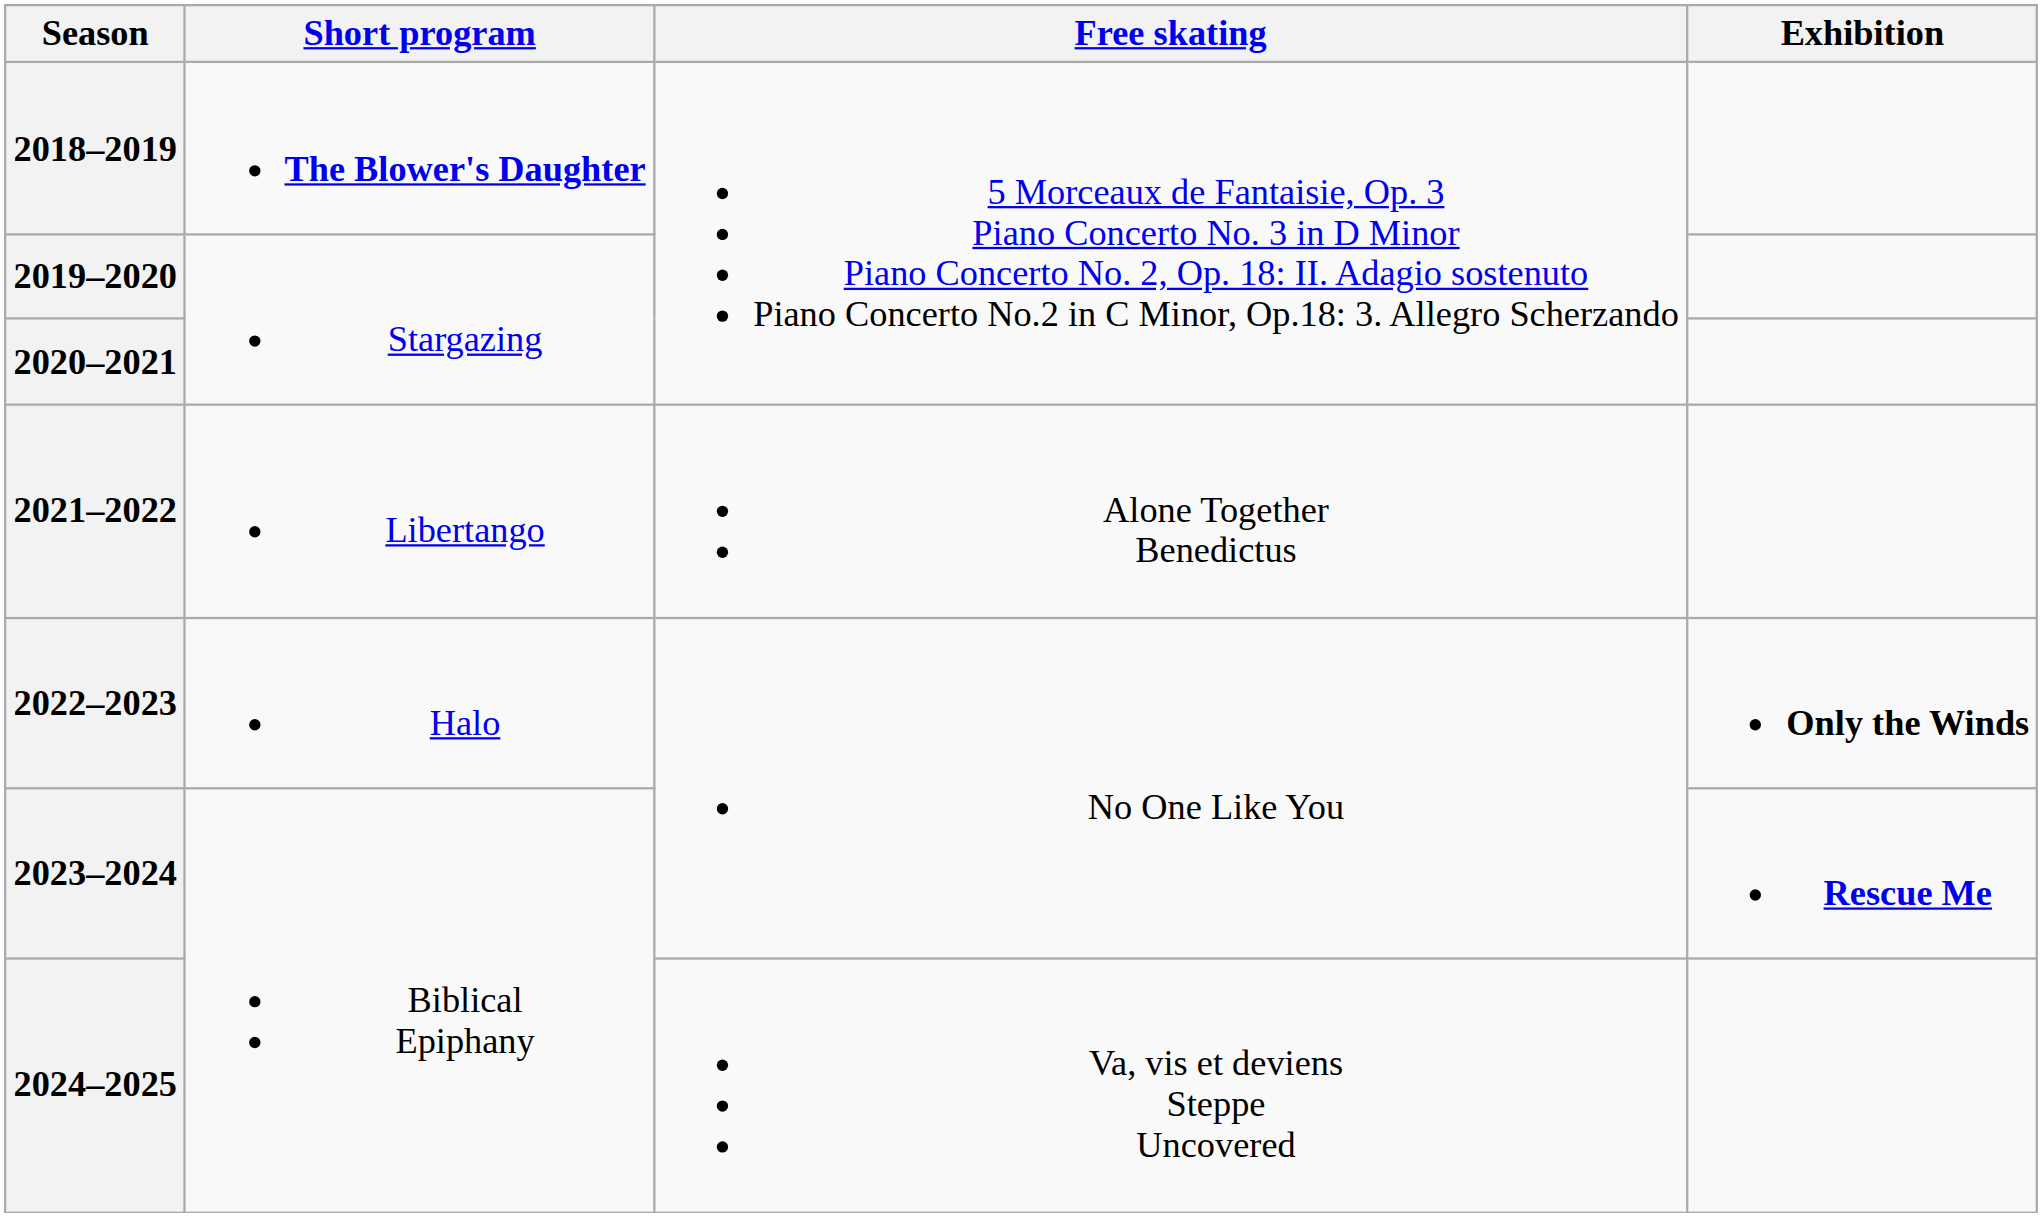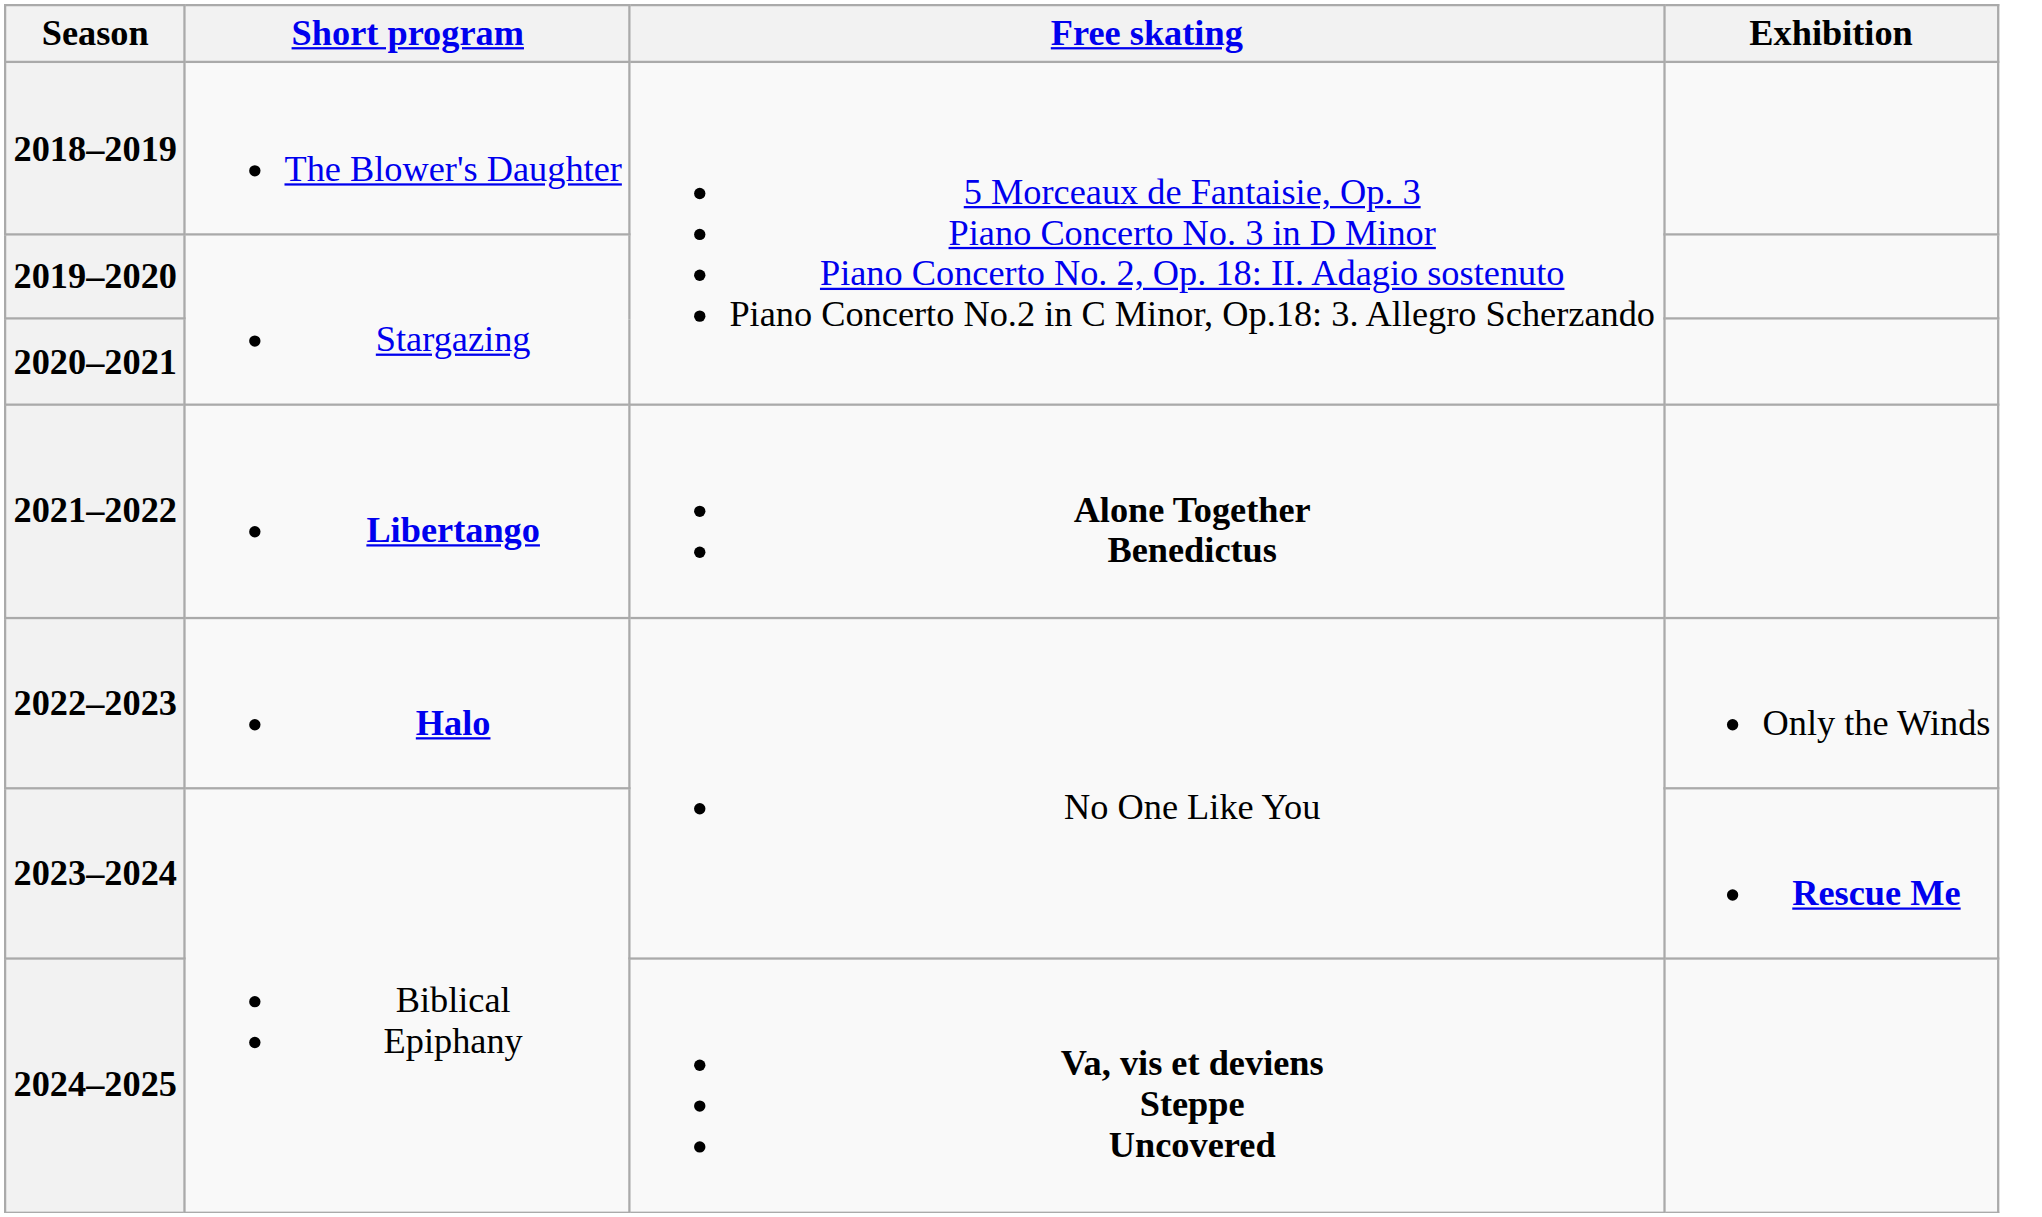 <table class=wikitable style=text-align:center>
 <tr>
 <th>Season</th>
 <th><a href='#'>Short program</a></th>
 <th><a href='#'>Free skating</a></th>
 <th>Exhibition</th>
 </tr>
 <tr>
 <th>2018–2019 <br> </th>
-<td><strong><br><ul><li><a href='#'>The Blower's Daughter</a> <br> </li></ul></strong></td>
+<td><br><ul><li><a href='#'>The Blower's Daughter</a> <br> </li></ul></td>
 <td rowspan=3><br><ul><li><a href='#'>5 Morceaux de Fantaisie, Op. 3</a></li><li><a href='#'>Piano Concerto No. 3 in D Minor</a></li><li><a href='#'>Piano Concerto No. 2, Op. 18: II. Adagio sostenuto</a></li><li>Piano Concerto No.2 in C Minor, Op.18: 3. Allegro Scherzando <br> </li></ul></td>
 <td></td>
 </tr>
 <tr>
 <th>2019–2020 <br> </th>
 <td rowspan=2><br><ul><li><a href='#'>Stargazing</a> <br> </li></ul></td>
 <td></td>
 </tr>
 <tr>
 <th>2020–2021 <br> </th>
 <td></td>
 </tr>
 <tr>
 <th>2021–2022 <br> </th>
-<td><br><ul><li><a href='#'>Libertango</a> <br> </li></ul></td>
-<td><br><ul><li>Alone Together <br> </li><li>Benedictus <br> </li></ul></td>
+<td><strong><br><ul><li><a href='#'>Libertango</a> <br> </li></ul></strong></td>
+<td><strong><br><ul><li>Alone Together <br> </li><li>Benedictus <br> </li></ul></strong></td>
 <td></td>
 </tr>
 <tr>
 <th>2022–2023 <br> </th>
-<td><br><ul><li><a href='#'>Halo</a> <br> </li></ul></td>
+<td><strong><br><ul><li><a href='#'>Halo</a> <br> </li></ul></strong></td>
 <td rowspan=2><br><ul><li>No One Like You <br> </li></ul></td>
-<td><strong><br><ul><li>Only the Winds <br> </li></ul></strong></td>
+<td><br><ul><li>Only the Winds <br> </li></ul></td>
 </tr>
 <tr>
 <th>2023–2024 <br> </th>
 <td rowspan=2><br><ul><li>Biblical <br> </li><li>Epiphany <br> </li></ul></td>
 <td><strong><br><ul><li><a href='#'>Rescue Me</a> <br> </li></ul></strong></td>
 </tr>
 <tr>
 <th>2024–2025 <br> </th>
-<td><br><ul><li>Va, vis et deviens  <br></li><li>Steppe <br> </li><li>Uncovered <br></li></ul></td>
+<td><strong><br><ul><li>Va, vis et deviens  <br></li><li>Steppe <br> </li><li>Uncovered <br></li></ul></strong></td>
 <td></td>
 </tr>
 </table>
